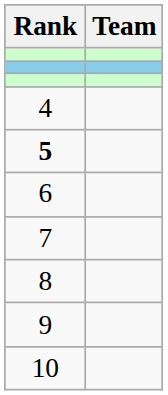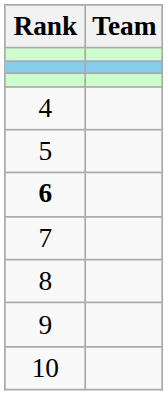 <table class="wikitable" style="text-align:center;">
 <tr>
 <th width=40>Rank</th>
 <th>Team</th>
 </tr>
 <tr bgcolor=#ccffcc>
 <td></td>
 <td style="text-align:left;"></td>
 </tr>
 <tr bgcolor=#87ceeb>
 <td></td>
 <td style="text-align:left;"></td>
 </tr>
 <tr bgcolor=#ccffcc>
 <td></td>
 <td style="text-align:left;"></td>
 </tr>
 <tr>
 <td>4</td>
 <td style="text-align:left;"></td>
 </tr>
 <tr>
-<td><strong>5</strong></td>
+<td>5</td>
 <td style="text-align:left;"></td>
 </tr>
 <tr>
-<td>6</td>
+<td><strong>6</strong></td>
 <td style="text-align:left;"></td>
 </tr>
 <tr>
 <td>7</td>
 <td style="text-align:left;"></td>
 </tr>
 <tr>
 <td>8</td>
 <td style="text-align:left;"></td>
 </tr>
 <tr>
 <td>9</td>
 <td style="text-align:left;"></td>
 </tr>
 <tr>
 <td>10</td>
 <td style="text-align:left;"></td>
 </tr>
 </table>
